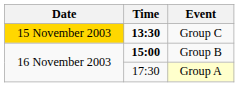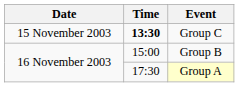 <table class = "wikitable" style="text-align:center;">
 <tr>
 <th width=150>Date</th>
 <th width=50>Time</th>
 <th width=80>Event</th>
 </tr>
 <tr>
-<td style="background: gold;">15 November 2003</td>
+<td>15 November 2003</td>
 <td><strong>13:30</strong></td>
 <td>Group C</td>
 </tr>
 <tr>
 <td rowspan=2>16 November 2003</td>
-<td><strong>15:00</strong></td>
+<td>15:00</td>
 <td>Group B</td>
 </tr>
 <tr>
 <td>17:30</td>
 <td bgcolor=ffffcc>Group A</td>
 </tr>
 </table>
